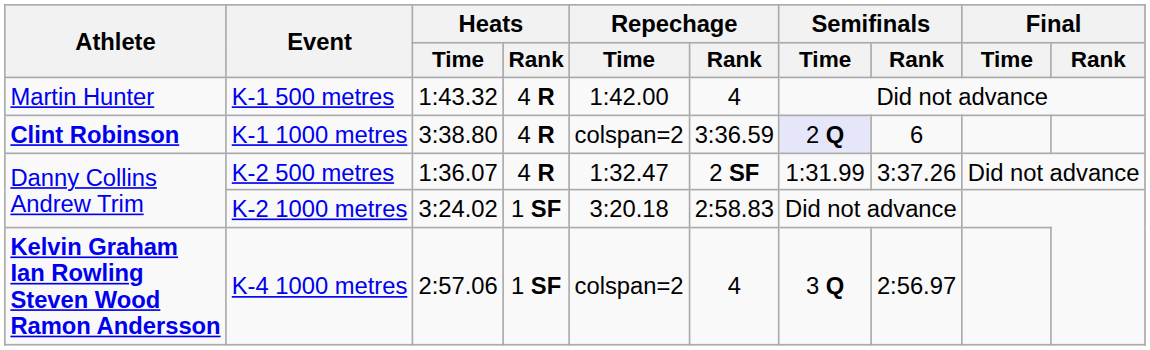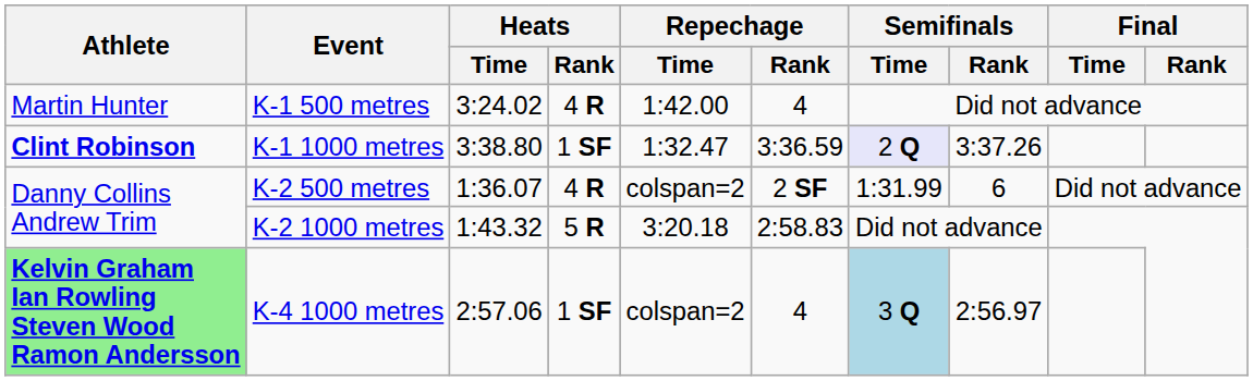 <table class=wikitable style="font-size:90%">
 <tr>
 <th rowspan="2">Athlete</th>
 <th rowspan="2">Event</th>
 <th colspan=2>Heats</th>
 <th colspan=2>Repechage</th>
 <th colspan=2>Semifinals</th>
 <th colspan=2>Final</th>
 </tr>
 <tr style="font-size:95%">
 <th>Time</th>
 <th>Rank</th>
 <th>Time</th>
 <th>Rank</th>
 <th>Time</th>
 <th>Rank</th>
 <th>Time</th>
 <th>Rank</th>
 </tr>
 <tr align=center>
 <td align=left><a href='#'>Martin Hunter</a></td>
 <td align=left><a href='#'>K-1 500 metres</a></td>
-<td>1:43.32</td>
+<td>3:24.02</td>
 <td>4 <strong>R</strong></td>
 <td>1:42.00</td>
 <td>4</td>
 <td colspan=4>Did not advance</td>
 </tr>
 <tr align=center>
 <td align=left><strong><a href='#'>Clint Robinson</a></strong></td>
 <td align=left><a href='#'>K-1 1000 metres</a></td>
 <td>3:38.80</td>
-<td>4 <strong>R</strong></td>
-<td>colspan=2</td>
+<td>1 <strong>SF</strong></td>
+<td>1:32.47</td>
 <td>3:36.59</td>
 <td style="background: lavender;">2 <strong>Q</strong></td>
-<td>6</td>
+<td>3:37.26</td>
 <td></td>
 </tr>
 <tr align=center>
 <td align=left rowspan=2><a href='#'>Danny Collins</a><br><a href='#'>Andrew Trim</a></td>
 <td align=left><a href='#'>K-2 500 metres</a></td>
 <td>1:36.07</td>
 <td>4 <strong>R</strong></td>
-<td>1:32.47</td>
+<td>colspan=2</td>
 <td>2 <strong>SF</strong></td>
 <td>1:31.99</td>
-<td>3:37.26</td>
+<td>6</td>
 <td colspan=2>Did not advance</td>
 </tr>
 <tr align=center>
 <td align=left><a href='#'>K-2 1000 metres</a></td>
-<td>3:24.02</td>
-<td>1 <strong>SF</strong></td>
+<td>1:43.32</td>
+<td>5 <strong>R</strong></td>
 <td>3:20.18</td>
 <td>2:58.83</td>
 <td colspan=2>Did not advance</td>
 </tr>
 <tr align=center>
-<td align=left><strong><a href='#'>Kelvin Graham</a><br><a href='#'>Ian Rowling</a><br><a href='#'>Steven Wood</a><br><a href='#'>Ramon Andersson</a></strong></td>
+<td align=left style="background: lightgreen;"><strong><a href='#'>Kelvin Graham</a><br><a href='#'>Ian Rowling</a><br><a href='#'>Steven Wood</a><br><a href='#'>Ramon Andersson</a></strong></td>
 <td align=left><a href='#'>K-4 1000 metres</a></td>
 <td>2:57.06</td>
 <td>1 <strong>SF</strong></td>
 <td>colspan=2</td>
 <td>4</td>
-<td>3 <strong>Q</strong></td>
+<td style="background: lightblue;">3 <strong>Q</strong></td>
 <td>2:56.97</td>
 <td></td>
 </tr>
 </table>
